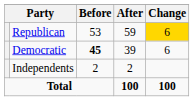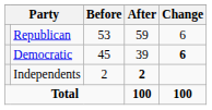 <table class="wikitable" style="text-align:center;">
 <tr>
 </tr>
 <tr>
 <th colspan=2>Party</th>
 <th>Before</th>
 <th>After</th>
 <th>Change</th>
 </tr>
 <tr>
 <th style="background-color:"></th>
 <td style="text-align:left;"><a href='#'>Republican</a></td>
 <td>53</td>
 <td>59</td>
-<td style="background: gold;"> 6</td>
+<td> 6</td>
 </tr>
 <tr>
 <th style="background-color:"></th>
 <td style="text-align:left;"><a href='#'>Democratic</a></td>
-<td><strong>45</strong></td>
+<td>45</td>
 <td>39</td>
-<td> 6</td>
+<td><strong> 6</strong></td>
 </tr>
 <tr>
 <th style="background-color:"></th>
 <td style="text-align:left;">Independents</td>
 <td>2</td>
-<td>2</td>
+<td><strong>2</strong></td>
 <td></td>
 </tr>
 <tr>
 <td colspan=3><strong>Total</strong></td>
 <td><strong>100</strong></td>
 <td><strong>100</strong></td>
 </tr>
 </table>
